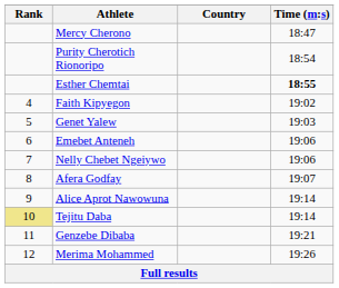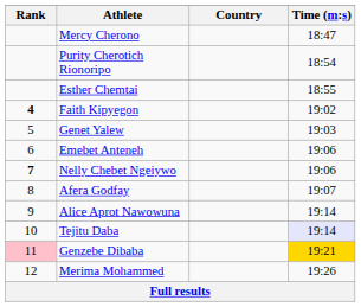 <table class="wikitable" width=50%>
 <tr>
 </tr>
 <tr>
 <th width=5%>Rank</th>
 <th width=20%>Athlete</th>
 <th width=15%>Country</th>
 <th width=10%>Time (<a href='#'>m</a>:<a href='#'>s</a>)</th>
 </tr>
 <tr align="center">
 <td></td>
 <td align="left"><a href='#'>Mercy Cherono</a></td>
 <td align="left"></td>
 <td>18:47</td>
 </tr>
 <tr align="center">
 <td></td>
 <td align="left"><a href='#'>Purity Cherotich Rionoripo</a></td>
 <td align="left"></td>
 <td>18:54</td>
 </tr>
 <tr align="center">
 <td></td>
 <td align="left"><a href='#'>Esther Chemtai</a></td>
 <td align="left"></td>
-<td><strong>18:55</strong></td>
+<td>18:55</td>
 </tr>
 <tr align="center">
-<td>4</td>
+<td><strong>4</strong></td>
 <td align="left"><a href='#'>Faith Kipyegon</a></td>
 <td align="left"></td>
 <td>19:02</td>
 </tr>
 <tr align="center">
 <td>5</td>
 <td align="left"><a href='#'>Genet Yalew</a></td>
 <td align="left"></td>
 <td>19:03</td>
 </tr>
 <tr align="center">
 <td>6</td>
 <td align="left"><a href='#'>Emebet Anteneh</a></td>
 <td align="left"></td>
 <td>19:06</td>
 </tr>
 <tr align="center">
-<td>7</td>
+<td><strong>7</strong></td>
 <td align="left"><a href='#'>Nelly Chebet Ngeiywo</a></td>
 <td align="left"></td>
 <td>19:06</td>
 </tr>
 <tr align="center">
 <td>8</td>
 <td align="left"><a href='#'>Afera Godfay</a></td>
 <td align="left"></td>
 <td>19:07</td>
 </tr>
 <tr align="center">
 <td>9</td>
 <td align="left"><a href='#'>Alice Aprot Nawowuna</a></td>
 <td align="left"></td>
 <td>19:14</td>
 </tr>
 <tr align="center">
-<td style="background: khaki;">10</td>
+<td>10</td>
 <td align="left"><a href='#'>Tejitu Daba</a></td>
 <td align="left"></td>
-<td>19:14</td>
+<td style="background: lavender;">19:14</td>
 </tr>
 <tr align="center">
-<td>11</td>
+<td style="background: pink;">11</td>
 <td align="left"><a href='#'>Genzebe Dibaba</a></td>
 <td align="left"></td>
-<td>19:21</td>
+<td style="background: gold;">19:21</td>
 </tr>
 <tr align="center">
 <td>12</td>
 <td align="left"><a href='#'>Merima Mohammed</a></td>
 <td align="left"></td>
 <td>19:26</td>
 </tr>
 <tr class="sortbottom">
 <th colspan=4 align=center><a href='#'>Full results</a></th>
 </tr>
 </table>
